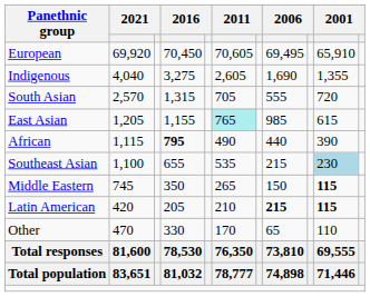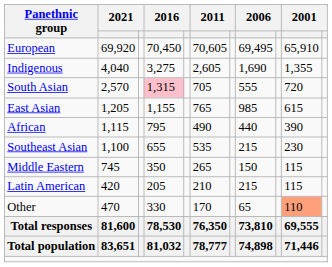 <table class="wikitable collapsible sortable">
 <tr>
 <th rowspan="2"><a href='#'>Panethnic</a><br>group</th>
 <th colspan="2">2021</th>
 <th colspan="2">2016</th>
 <th colspan="2">2011</th>
 <th colspan="2">2006</th>
 <th colspan="2">2001</th>
 </tr>
 <tr>
 <th><a href='#'></a></th>
 <th></th>
 <th></th>
 <th></th>
 <th></th>
 <th></th>
 <th></th>
 <th></th>
 <th></th>
 <th></th>
 </tr>
 <tr>
 <td><a href='#'>European</a></td>
 <td>69,920</td>
 <td></td>
 <td>70,450</td>
 <td></td>
 <td>70,605</td>
 <td></td>
 <td>69,495</td>
 <td></td>
 <td>65,910</td>
 <td></td>
 </tr>
 <tr>
 <td><a href='#'>Indigenous</a></td>
 <td>4,040</td>
 <td></td>
 <td>3,275</td>
 <td></td>
 <td>2,605</td>
 <td></td>
 <td>1,690</td>
 <td></td>
 <td>1,355</td>
 <td></td>
 </tr>
 <tr>
 <td><a href='#'>South Asian</a></td>
 <td>2,570</td>
 <td></td>
-<td>1,315</td>
+<td style="background: pink;">1,315</td>
 <td></td>
 <td>705</td>
 <td></td>
 <td>555</td>
 <td></td>
 <td>720</td>
 <td></td>
 </tr>
 <tr>
 <td><a href='#'>East Asian</a></td>
 <td>1,205</td>
 <td></td>
 <td>1,155</td>
 <td></td>
-<td style="background: paleturquoise;">765</td>
+<td>765</td>
 <td></td>
 <td>985</td>
 <td></td>
 <td>615</td>
 <td></td>
 </tr>
 <tr>
 <td><a href='#'>African</a></td>
 <td>1,115</td>
 <td></td>
-<td><strong>795</strong></td>
+<td>795</td>
 <td></td>
 <td>490</td>
 <td></td>
 <td>440</td>
 <td></td>
 <td>390</td>
 <td></td>
 </tr>
 <tr>
 <td><a href='#'>Southeast Asian</a></td>
 <td>1,100</td>
 <td></td>
 <td>655</td>
 <td></td>
 <td>535</td>
 <td></td>
 <td>215</td>
 <td></td>
-<td style="background: lightblue;">230</td>
+<td>230</td>
 <td></td>
 </tr>
 <tr>
 <td><a href='#'>Middle Eastern</a></td>
 <td>745</td>
 <td></td>
 <td>350</td>
 <td></td>
 <td>265</td>
 <td></td>
 <td>150</td>
 <td></td>
-<td><strong>115</strong></td>
+<td>115</td>
 <td></td>
 </tr>
 <tr>
 <td><a href='#'>Latin American</a></td>
 <td>420</td>
 <td></td>
 <td>205</td>
 <td></td>
 <td>210</td>
 <td></td>
-<td><strong>215</strong></td>
+<td>215</td>
 <td></td>
-<td><strong>115</strong></td>
+<td>115</td>
 <td></td>
 </tr>
 <tr>
 <td>Other</td>
 <td>470</td>
 <td></td>
 <td>330</td>
 <td></td>
 <td>170</td>
 <td></td>
 <td>65</td>
 <td></td>
-<td>110</td>
+<td style="background: lightsalmon;">110</td>
 <td></td>
 </tr>
 <tr>
 <th>Total responses</th>
 <th>81,600</th>
 <th></th>
 <th>78,530</th>
 <th></th>
 <th>76,350</th>
 <th></th>
 <th>73,810</th>
 <th></th>
 <th>69,555</th>
 <th></th>
 </tr>
 <tr>
 <th>Total population</th>
 <th>83,651</th>
 <th></th>
 <th>81,032</th>
 <th></th>
 <th>78,777</th>
 <th></th>
 <th>74,898</th>
 <th></th>
 <th>71,446</th>
 <th></th>
 </tr>
 <tr class="sortbottom">
 <td colspan="15"></td>
 </tr>
 </table>
